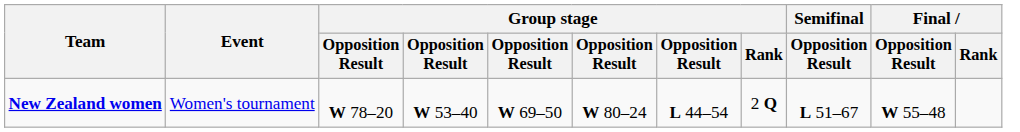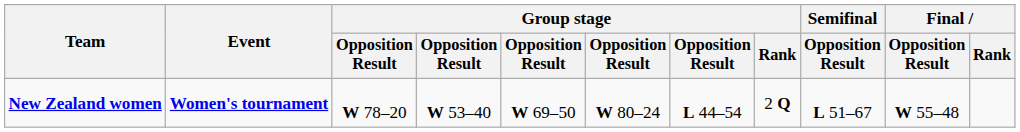 <table class=wikitable style=font-size:90%>
 <tr>
 <th rowspan=2>Team</th>
 <th rowspan=2>Event</th>
 <th colspan=6>Group stage</th>
 <th>Semifinal</th>
 <th colspan=2>Final / </th>
 </tr>
 <tr style=font-size:95%>
 <th>Opposition<br>Result</th>
 <th>Opposition<br>Result</th>
 <th>Opposition<br>Result</th>
 <th>Opposition<br>Result</th>
 <th>Opposition<br>Result</th>
 <th>Rank</th>
 <th>Opposition<br>Result</th>
 <th>Opposition<br>Result</th>
 <th>Rank</th>
 </tr>
 <tr align=center>
 <td align=left><strong><a href='#'>New Zealand women</a></strong></td>
-<td align=left><a href='#'>Women's tournament</a></td>
+<td align=left><strong><a href='#'>Women's tournament</a></strong></td>
 <td><br><strong>W</strong> 78–20</td>
 <td><br><strong>W</strong> 53–40</td>
 <td><br><strong>W</strong> 69–50</td>
 <td><br><strong>W</strong> 80–24</td>
 <td><br><strong>L</strong> 44–54</td>
 <td>2 <strong>Q</strong></td>
 <td><br><strong>L</strong> 51–67</td>
 <td><br><strong>W</strong> 55–48</td>
 <td></td>
 </tr>
 </table>
